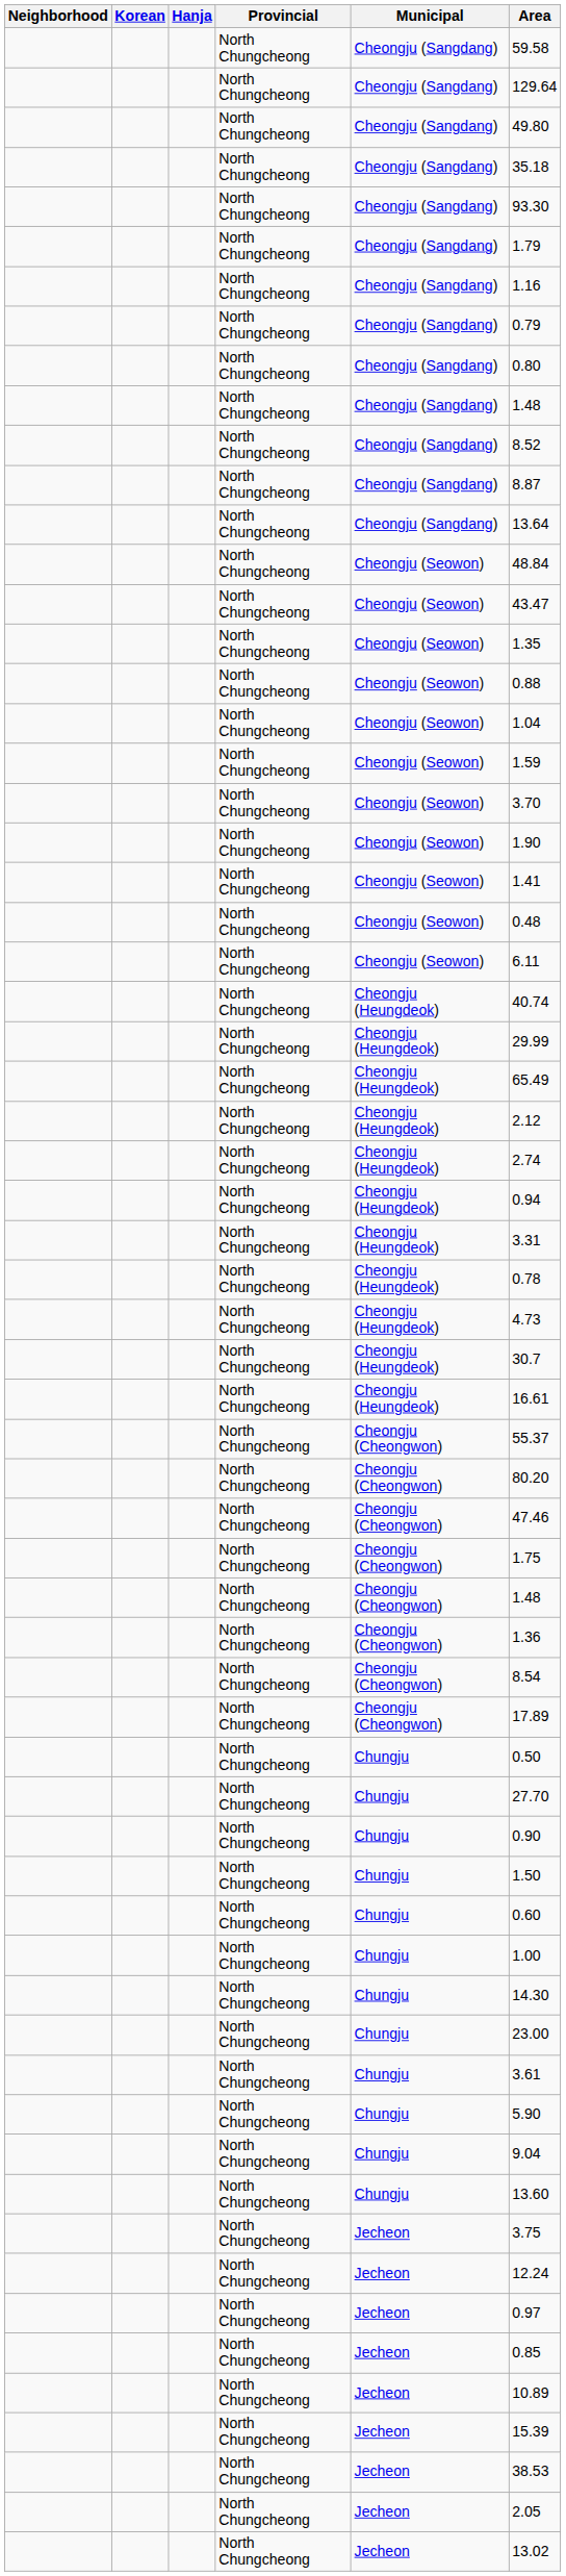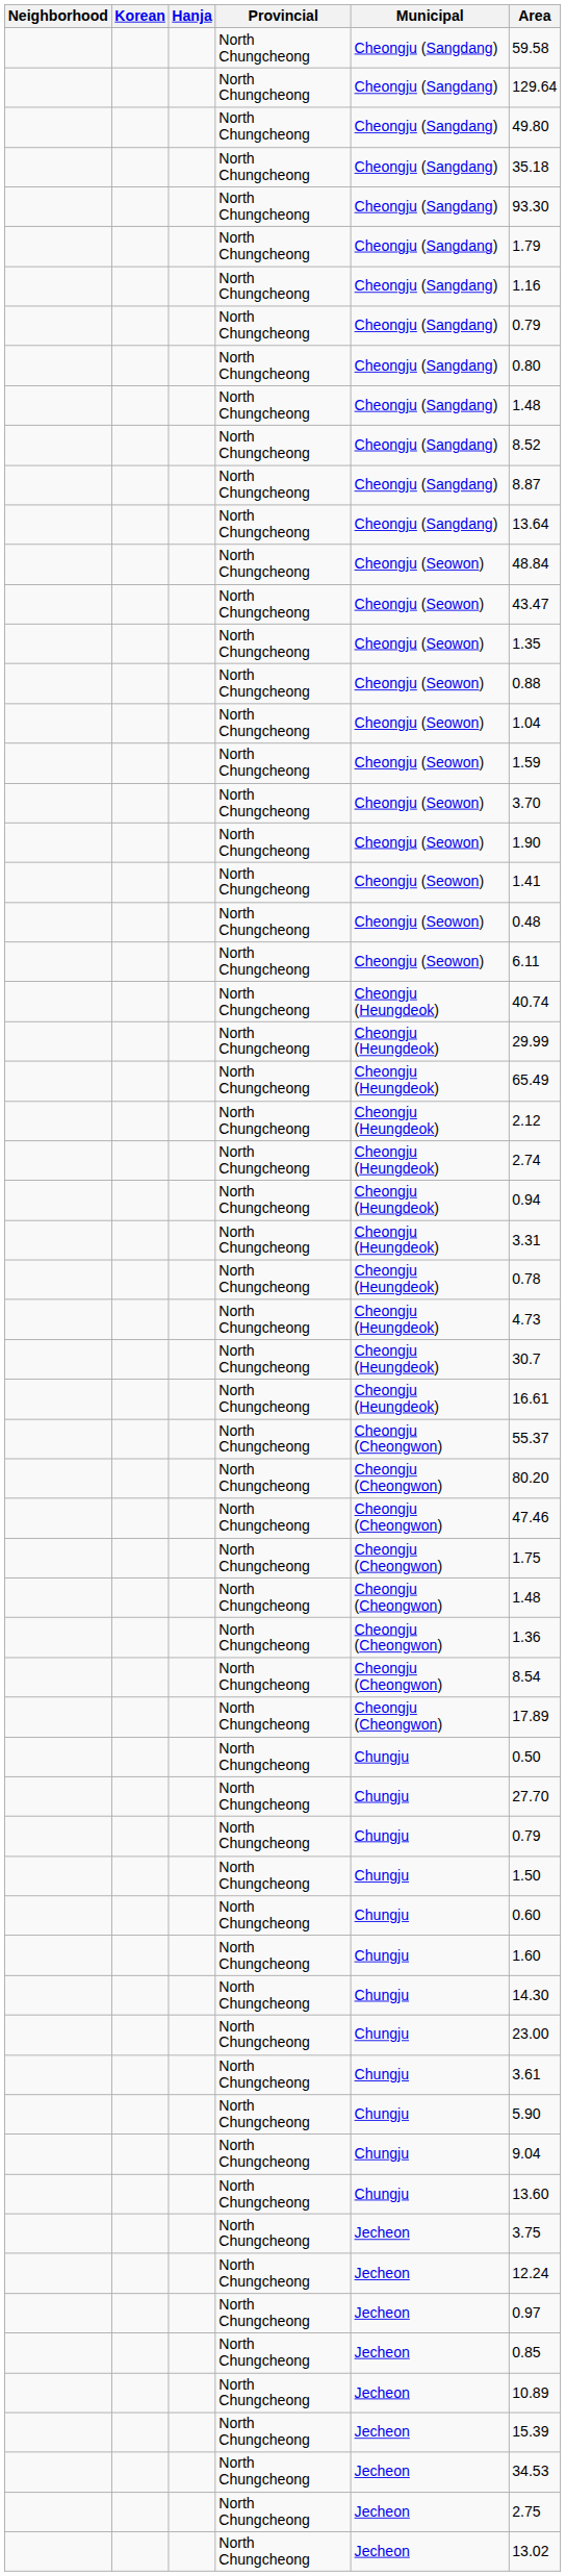 <table class="wikitable sortable">
 <tr>
 <th>Neighborhood</th>
 <th><a href='#'>Korean</a></th>
 <th><a href='#'>Hanja</a></th>
 <th>Provincial</th>
 <th>Municipal</th>
 <th>Area</th>
 </tr>
 <tr>
 <td></td>
 <td><span></span></td>
 <td><span></span></td>
 <td>North Chungcheong</td>
 <td><a href='#'>Cheongju</a> (<a href='#'>Sangdang</a>)</td>
 <td>59.58</td>
 </tr>
 <tr>
 <td></td>
 <td><span></span></td>
 <td><span></span></td>
 <td>North Chungcheong</td>
 <td><a href='#'>Cheongju</a> (<a href='#'>Sangdang</a>)</td>
 <td>129.64</td>
 </tr>
 <tr>
 <td></td>
 <td><span></span></td>
 <td><span></span></td>
 <td>North Chungcheong</td>
 <td><a href='#'>Cheongju</a> (<a href='#'>Sangdang</a>)</td>
 <td>49.80</td>
 </tr>
 <tr>
 <td></td>
 <td><span></span></td>
 <td><span></span></td>
 <td>North Chungcheong</td>
 <td><a href='#'>Cheongju</a> (<a href='#'>Sangdang</a>)</td>
 <td>35.18</td>
 </tr>
 <tr>
 <td></td>
 <td><span></span></td>
 <td><span></span></td>
 <td>North Chungcheong</td>
 <td><a href='#'>Cheongju</a> (<a href='#'>Sangdang</a>)</td>
 <td>93.30</td>
 </tr>
 <tr>
 <td></td>
 <td><span></span></td>
 <td><span></span></td>
 <td>North Chungcheong</td>
 <td><a href='#'>Cheongju</a> (<a href='#'>Sangdang</a>)</td>
 <td>1.79</td>
 </tr>
 <tr>
 <td></td>
 <td><span></span></td>
 <td><span></span></td>
 <td>North Chungcheong</td>
 <td><a href='#'>Cheongju</a> (<a href='#'>Sangdang</a>)</td>
 <td>1.16</td>
 </tr>
 <tr>
 <td></td>
 <td><span></span></td>
 <td><span></span></td>
 <td>North Chungcheong</td>
 <td><a href='#'>Cheongju</a> (<a href='#'>Sangdang</a>)</td>
 <td>0.79</td>
 </tr>
 <tr>
 <td></td>
 <td><span></span></td>
 <td><span></span></td>
 <td>North Chungcheong</td>
 <td><a href='#'>Cheongju</a> (<a href='#'>Sangdang</a>)</td>
 <td>0.80</td>
 </tr>
 <tr>
 <td></td>
 <td><span></span></td>
 <td><span></span></td>
 <td>North Chungcheong</td>
 <td><a href='#'>Cheongju</a> (<a href='#'>Sangdang</a>)</td>
 <td>1.48</td>
 </tr>
 <tr>
 <td></td>
 <td><span></span></td>
 <td><span></span></td>
 <td>North Chungcheong</td>
 <td><a href='#'>Cheongju</a> (<a href='#'>Sangdang</a>)</td>
 <td>8.52</td>
 </tr>
 <tr>
 <td></td>
 <td><span></span></td>
 <td><span></span></td>
 <td>North Chungcheong</td>
 <td><a href='#'>Cheongju</a> (<a href='#'>Sangdang</a>)</td>
 <td>8.87</td>
 </tr>
 <tr>
 <td></td>
 <td><span></span></td>
 <td><span></span></td>
 <td>North Chungcheong</td>
 <td><a href='#'>Cheongju</a> (<a href='#'>Sangdang</a>)</td>
 <td>13.64</td>
 </tr>
 <tr>
 <td></td>
 <td><span></span></td>
 <td><span></span></td>
 <td>North Chungcheong</td>
 <td><a href='#'>Cheongju</a> (<a href='#'>Seowon</a>)</td>
 <td>48.84</td>
 </tr>
 <tr>
 <td></td>
 <td><span></span></td>
 <td><span></span></td>
 <td>North Chungcheong</td>
 <td><a href='#'>Cheongju</a> (<a href='#'>Seowon</a>)</td>
 <td>43.47</td>
 </tr>
 <tr>
 <td></td>
 <td><span></span></td>
 <td><span></span></td>
 <td>North Chungcheong</td>
 <td><a href='#'>Cheongju</a> (<a href='#'>Seowon</a>)</td>
 <td>1.35</td>
 </tr>
 <tr>
 <td></td>
 <td><span></span></td>
 <td><span></span></td>
 <td>North Chungcheong</td>
 <td><a href='#'>Cheongju</a> (<a href='#'>Seowon</a>)</td>
 <td>0.88</td>
 </tr>
 <tr>
 <td></td>
 <td><span></span></td>
 <td><span></span></td>
 <td>North Chungcheong</td>
 <td><a href='#'>Cheongju</a> (<a href='#'>Seowon</a>)</td>
 <td>1.04</td>
 </tr>
 <tr>
 <td></td>
 <td><span></span></td>
 <td><span></span></td>
 <td>North Chungcheong</td>
 <td><a href='#'>Cheongju</a> (<a href='#'>Seowon</a>)</td>
 <td>1.59</td>
 </tr>
 <tr>
 <td></td>
 <td><span></span></td>
 <td><span></span></td>
 <td>North Chungcheong</td>
 <td><a href='#'>Cheongju</a> (<a href='#'>Seowon</a>)</td>
 <td>3.70</td>
 </tr>
 <tr>
 <td></td>
 <td><span></span></td>
 <td><span></span></td>
 <td>North Chungcheong</td>
 <td><a href='#'>Cheongju</a> (<a href='#'>Seowon</a>)</td>
 <td>1.90</td>
 </tr>
 <tr>
 <td></td>
 <td><span></span></td>
 <td><span></span></td>
 <td>North Chungcheong</td>
 <td><a href='#'>Cheongju</a> (<a href='#'>Seowon</a>)</td>
 <td>1.41</td>
 </tr>
 <tr>
 <td></td>
 <td><span></span></td>
 <td><span></span></td>
 <td>North Chungcheong</td>
 <td><a href='#'>Cheongju</a> (<a href='#'>Seowon</a>)</td>
 <td>0.48</td>
 </tr>
 <tr>
 <td></td>
 <td><span></span></td>
 <td><span></span></td>
 <td>North Chungcheong</td>
 <td><a href='#'>Cheongju</a> (<a href='#'>Seowon</a>)</td>
 <td>6.11</td>
 </tr>
 <tr>
 <td></td>
 <td><span></span></td>
 <td><span></span></td>
 <td>North Chungcheong</td>
 <td><a href='#'>Cheongju</a> (<a href='#'>Heungdeok</a>)</td>
 <td>40.74</td>
 </tr>
 <tr>
 <td></td>
 <td><span></span></td>
 <td><span></span></td>
 <td>North Chungcheong</td>
 <td><a href='#'>Cheongju</a> (<a href='#'>Heungdeok</a>)</td>
 <td>29.99</td>
 </tr>
 <tr>
 <td></td>
 <td><span></span></td>
 <td><span></span></td>
 <td>North Chungcheong</td>
 <td><a href='#'>Cheongju</a> (<a href='#'>Heungdeok</a>)</td>
 <td>65.49</td>
 </tr>
 <tr>
 <td></td>
 <td><span></span></td>
 <td><span></span></td>
 <td>North Chungcheong</td>
 <td><a href='#'>Cheongju</a> (<a href='#'>Heungdeok</a>)</td>
 <td>2.12</td>
 </tr>
 <tr>
 <td></td>
 <td><span></span></td>
 <td><span></span></td>
 <td>North Chungcheong</td>
 <td><a href='#'>Cheongju</a> (<a href='#'>Heungdeok</a>)</td>
 <td>2.74</td>
 </tr>
 <tr>
 <td></td>
 <td><span></span></td>
 <td><span></span></td>
 <td>North Chungcheong</td>
 <td><a href='#'>Cheongju</a> (<a href='#'>Heungdeok</a>)</td>
 <td>0.94</td>
 </tr>
 <tr>
 <td></td>
 <td><span></span></td>
 <td><span></span></td>
 <td>North Chungcheong</td>
 <td><a href='#'>Cheongju</a> (<a href='#'>Heungdeok</a>)</td>
 <td>3.31</td>
 </tr>
 <tr>
 <td></td>
 <td><span></span></td>
 <td><span></span></td>
 <td>North Chungcheong</td>
 <td><a href='#'>Cheongju</a> (<a href='#'>Heungdeok</a>)</td>
 <td>0.78</td>
 </tr>
 <tr>
 <td></td>
 <td><span></span></td>
 <td><span></span></td>
 <td>North Chungcheong</td>
 <td><a href='#'>Cheongju</a> (<a href='#'>Heungdeok</a>)</td>
 <td>4.73</td>
 </tr>
 <tr>
 <td></td>
 <td><span></span></td>
 <td><span></span></td>
 <td>North Chungcheong</td>
 <td><a href='#'>Cheongju</a> (<a href='#'>Heungdeok</a>)</td>
 <td>30.7</td>
 </tr>
 <tr>
 <td></td>
 <td><span></span></td>
 <td><span></span></td>
 <td>North Chungcheong</td>
 <td><a href='#'>Cheongju</a> (<a href='#'>Heungdeok</a>)</td>
 <td>16.61</td>
 </tr>
 <tr>
 <td></td>
 <td><span></span></td>
 <td><span></span></td>
 <td>North Chungcheong</td>
 <td><a href='#'>Cheongju</a> (<a href='#'>Cheongwon</a>)</td>
 <td>55.37</td>
 </tr>
 <tr>
 <td></td>
 <td><span></span></td>
 <td><span></span></td>
 <td>North Chungcheong</td>
 <td><a href='#'>Cheongju</a> (<a href='#'>Cheongwon</a>)</td>
 <td>80.20</td>
 </tr>
 <tr>
 <td></td>
 <td><span></span></td>
 <td><span></span></td>
 <td>North Chungcheong</td>
 <td><a href='#'>Cheongju</a> (<a href='#'>Cheongwon</a>)</td>
 <td>47.46</td>
 </tr>
 <tr>
 <td></td>
 <td><span></span></td>
 <td><span></span></td>
 <td>North Chungcheong</td>
 <td><a href='#'>Cheongju</a> (<a href='#'>Cheongwon</a>)</td>
 <td>1.75</td>
 </tr>
 <tr>
 <td></td>
 <td><span></span></td>
 <td><span></span></td>
 <td>North Chungcheong</td>
 <td><a href='#'>Cheongju</a> (<a href='#'>Cheongwon</a>)</td>
 <td>1.48</td>
 </tr>
 <tr>
 <td></td>
 <td><span></span></td>
 <td><span></span></td>
 <td>North Chungcheong</td>
 <td><a href='#'>Cheongju</a> (<a href='#'>Cheongwon</a>)</td>
 <td>1.36</td>
 </tr>
 <tr>
 <td></td>
 <td><span></span></td>
 <td><span></span></td>
 <td>North Chungcheong</td>
 <td><a href='#'>Cheongju</a> (<a href='#'>Cheongwon</a>)</td>
 <td>8.54</td>
 </tr>
 <tr>
 <td></td>
 <td><span></span></td>
 <td><span></span></td>
 <td>North Chungcheong</td>
 <td><a href='#'>Cheongju</a> (<a href='#'>Cheongwon</a>)</td>
 <td>17.89</td>
 </tr>
 <tr>
 <td></td>
 <td><span></span></td>
 <td><span></span></td>
 <td>North Chungcheong</td>
 <td><a href='#'>Chungju</a></td>
 <td>0.50</td>
 </tr>
 <tr>
 <td></td>
 <td><span></span></td>
 <td><span></span></td>
 <td>North Chungcheong</td>
 <td><a href='#'>Chungju</a></td>
 <td>27.70</td>
 </tr>
 <tr>
 <td></td>
 <td><span></span></td>
 <td><span></span></td>
 <td>North Chungcheong</td>
 <td><a href='#'>Chungju</a></td>
-<td>0.90</td>
+<td>0.79</td>
 </tr>
 <tr>
 <td></td>
 <td><span></span></td>
 <td><span></span></td>
 <td>North Chungcheong</td>
 <td><a href='#'>Chungju</a></td>
 <td>1.50</td>
 </tr>
 <tr>
 <td></td>
 <td><span></span></td>
 <td><span></span></td>
 <td>North Chungcheong</td>
 <td><a href='#'>Chungju</a></td>
 <td>0.60</td>
 </tr>
 <tr>
 <td></td>
 <td><span></span></td>
 <td><span></span></td>
 <td>North Chungcheong</td>
 <td><a href='#'>Chungju</a></td>
-<td>1.00</td>
+<td>1.60</td>
 </tr>
 <tr>
 <td></td>
 <td><span></span></td>
 <td><span></span></td>
 <td>North Chungcheong</td>
 <td><a href='#'>Chungju</a></td>
 <td>14.30</td>
 </tr>
 <tr>
 <td></td>
 <td><span></span></td>
 <td><span></span></td>
 <td>North Chungcheong</td>
 <td><a href='#'>Chungju</a></td>
 <td>23.00</td>
 </tr>
 <tr>
 <td></td>
 <td><span></span></td>
 <td><span></span></td>
 <td>North Chungcheong</td>
 <td><a href='#'>Chungju</a></td>
 <td>3.61</td>
 </tr>
 <tr>
 <td></td>
 <td><span></span></td>
 <td><span></span></td>
 <td>North Chungcheong</td>
 <td><a href='#'>Chungju</a></td>
 <td>5.90</td>
 </tr>
 <tr>
 <td></td>
 <td><span></span></td>
 <td><span></span></td>
 <td>North Chungcheong</td>
 <td><a href='#'>Chungju</a></td>
 <td>9.04</td>
 </tr>
 <tr>
 <td></td>
 <td><span></span></td>
 <td><span></span></td>
 <td>North Chungcheong</td>
 <td><a href='#'>Chungju</a></td>
 <td>13.60</td>
 </tr>
 <tr>
 <td></td>
 <td><span></span></td>
 <td><span></span></td>
 <td>North Chungcheong</td>
 <td><a href='#'>Jecheon</a></td>
 <td>3.75</td>
 </tr>
 <tr>
 <td></td>
 <td><span></span></td>
 <td><span></span></td>
 <td>North Chungcheong</td>
 <td><a href='#'>Jecheon</a></td>
 <td>12.24</td>
 </tr>
 <tr>
 <td></td>
 <td><span></span></td>
 <td><span></span></td>
 <td>North Chungcheong</td>
 <td><a href='#'>Jecheon</a></td>
 <td>0.97</td>
 </tr>
 <tr>
 <td></td>
 <td><span></span></td>
 <td><span></span></td>
 <td>North Chungcheong</td>
 <td><a href='#'>Jecheon</a></td>
 <td>0.85</td>
 </tr>
 <tr>
 <td></td>
 <td><span></span></td>
 <td><span></span></td>
 <td>North Chungcheong</td>
 <td><a href='#'>Jecheon</a></td>
 <td>10.89</td>
 </tr>
 <tr>
 <td></td>
 <td><span></span></td>
 <td><span></span></td>
 <td>North Chungcheong</td>
 <td><a href='#'>Jecheon</a></td>
 <td>15.39</td>
 </tr>
 <tr>
 <td></td>
 <td><span></span></td>
 <td><span></span></td>
 <td>North Chungcheong</td>
 <td><a href='#'>Jecheon</a></td>
-<td>38.53</td>
+<td>34.53</td>
 </tr>
 <tr>
 <td></td>
 <td><span></span></td>
 <td><span></span></td>
 <td>North Chungcheong</td>
 <td><a href='#'>Jecheon</a></td>
-<td>2.05</td>
+<td>2.75</td>
 </tr>
 <tr>
 <td></td>
 <td><span></span></td>
 <td><span></span></td>
 <td>North Chungcheong</td>
 <td><a href='#'>Jecheon</a></td>
 <td>13.02</td>
 </tr>
 </table>
